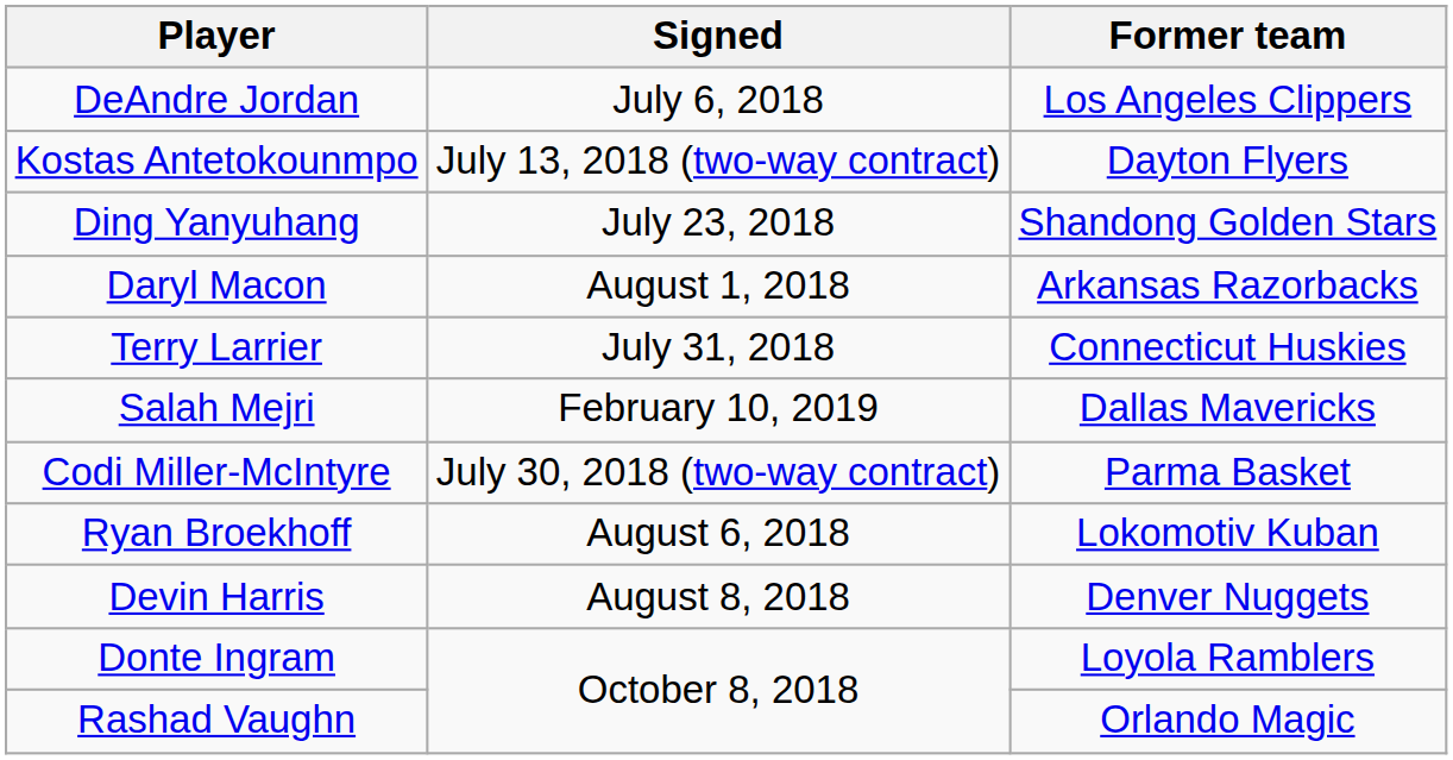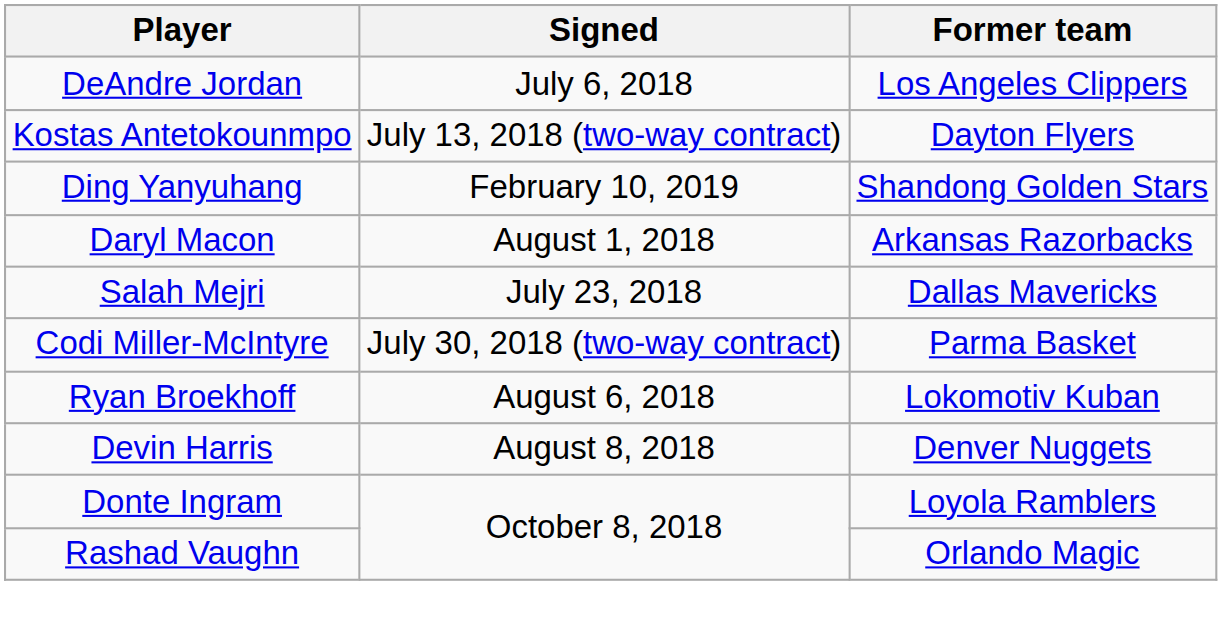 <table class="wikitable sortable sortable">
 <tr>
 <th>Player</th>
 <th>Signed</th>
 <th>Former team</th>
 </tr>
 <tr style="text-align: center">
 <td><a href='#'>DeAndre Jordan</a></td>
 <td>July 6, 2018</td>
 <td><a href='#'>Los Angeles Clippers</a></td>
 </tr>
 <tr style="text-align: center">
 <td><a href='#'>Kostas Antetokounmpo</a></td>
 <td>July 13, 2018 (<a href='#'>two-way contract</a>)</td>
 <td><a href='#'>Dayton Flyers</a></td>
 </tr>
 <tr style="text-align: center">
 <td><a href='#'>Ding Yanyuhang</a></td>
-<td>July 23, 2018</td>
+<td>February 10, 2019</td>
 <td> <a href='#'>Shandong Golden Stars</a></td>
 </tr>
 <tr style="text-align: center">
 <td><a href='#'>Daryl Macon</a></td>
 <td>August 1, 2018</td>
 <td><a href='#'>Arkansas Razorbacks</a></td>
 </tr>
 <tr style="text-align: center">
-<td><a href='#'>Terry Larrier</a></td>
-<td>July 31, 2018</td>
-<td><a href='#'>Connecticut Huskies</a></td>
-</tr>
-<tr style="text-align: center">
 <td><a href='#'>Salah Mejri</a></td>
-<td>February 10, 2019</td>
+<td>July 23, 2018</td>
 <td><a href='#'>Dallas Mavericks</a></td>
 </tr>
 <tr style="text-align: center">
 <td><a href='#'>Codi Miller-McIntyre</a></td>
 <td>July 30, 2018 (<a href='#'>two-way contract</a>)</td>
 <td> <a href='#'>Parma Basket</a></td>
 </tr>
 <tr style="text-align: center">
 <td><a href='#'>Ryan Broekhoff</a></td>
 <td>August 6, 2018</td>
 <td> <a href='#'>Lokomotiv Kuban</a></td>
 </tr>
 <tr style="text-align: center">
 <td><a href='#'>Devin Harris</a></td>
 <td>August 8, 2018</td>
 <td><a href='#'>Denver Nuggets</a></td>
 </tr>
 <tr style="text-align: center">
 <td><a href='#'>Donte Ingram</a></td>
 <td rowspan=2>October 8, 2018</td>
 <td><a href='#'>Loyola Ramblers</a></td>
 </tr>
 <tr style="text-align: center">
 <td><a href='#'>Rashad Vaughn</a></td>
 <td><a href='#'>Orlando Magic</a></td>
 </tr>
 </table>
